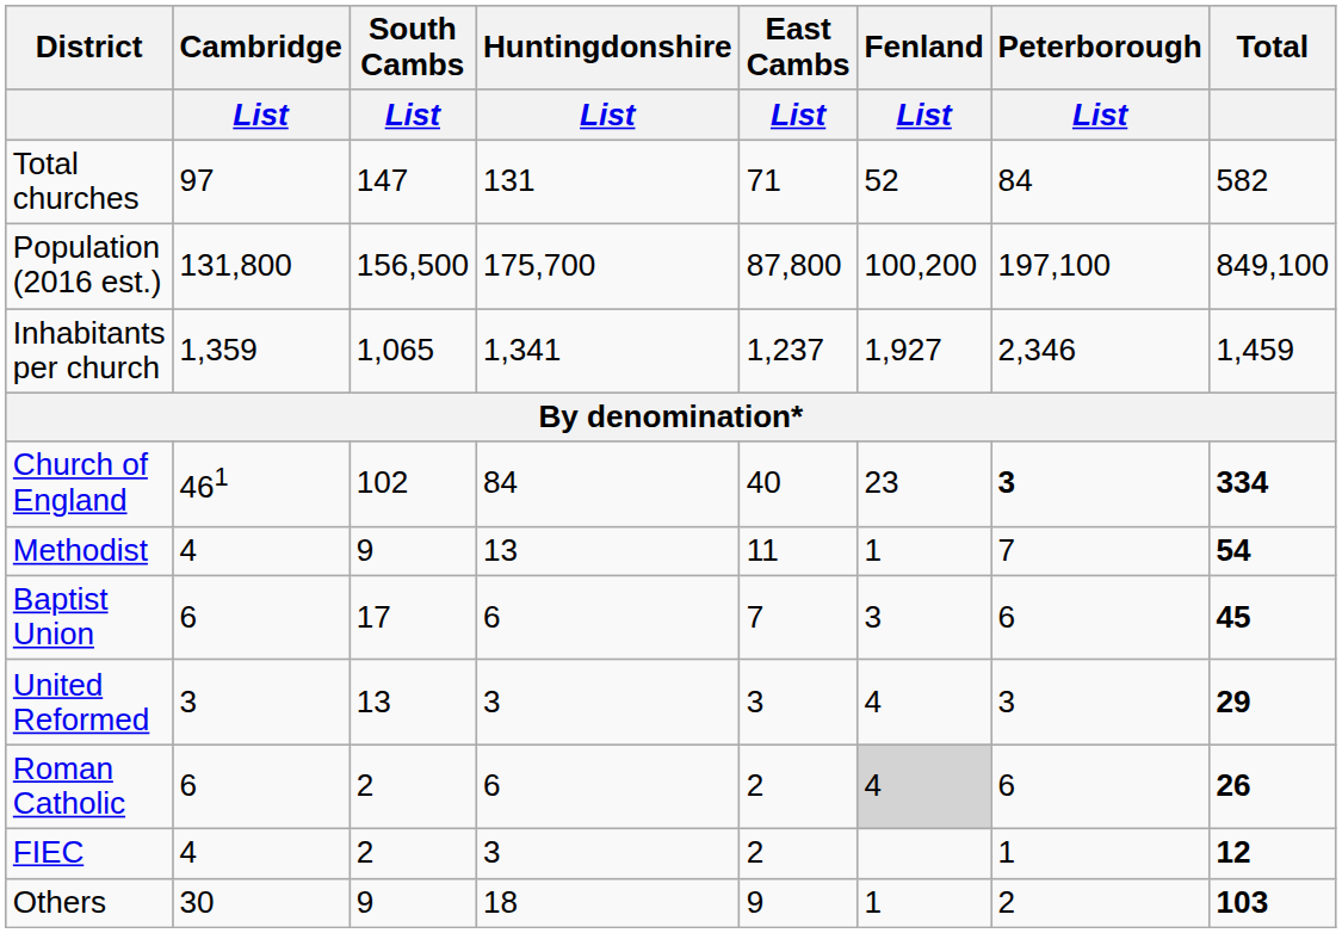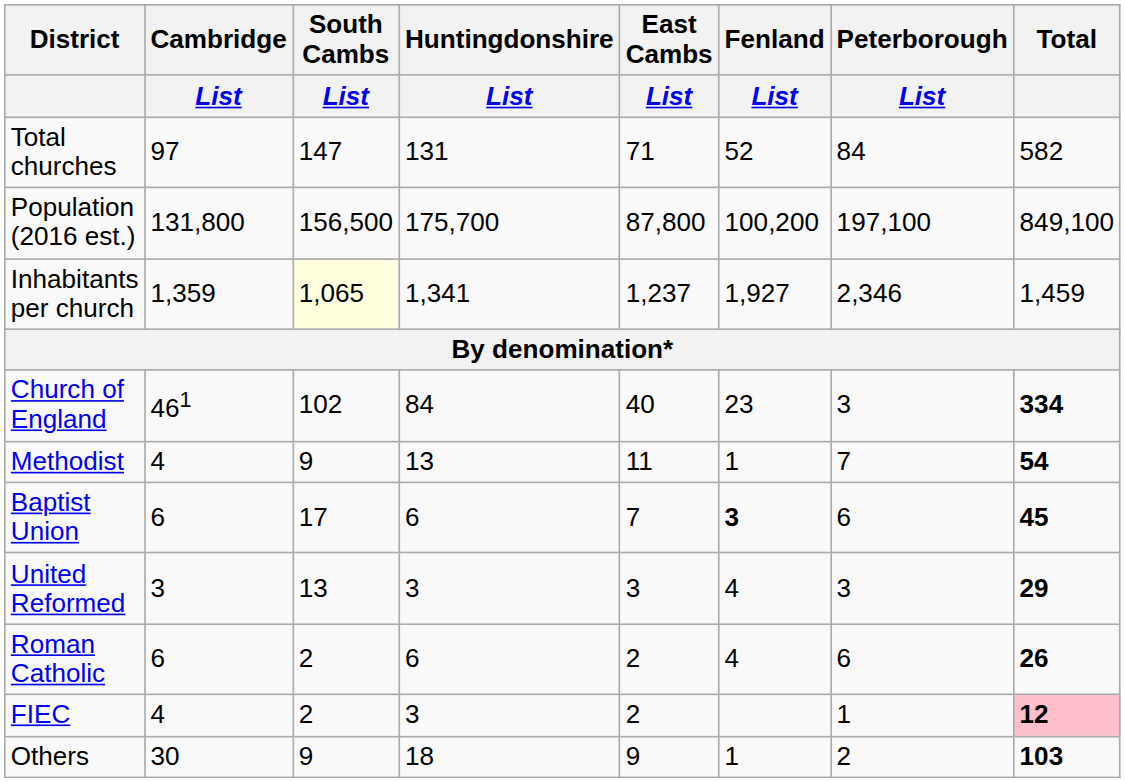 <table class="wikitable">
 <tr>
 <th>District</th>
 <th>Cambridge</th>
 <th>South Cambs</th>
 <th>Huntingdonshire</th>
 <th>East Cambs</th>
 <th>Fenland</th>
 <th>Peterborough</th>
 <th>Total</th>
 </tr>
 <tr>
 <th></th>
 <th><em><a href='#'>List</a></em></th>
 <th><em><a href='#'>List</a></em></th>
 <th><em><a href='#'>List</a></em></th>
 <th><a href='#'><em>List</em></a></th>
 <th><a href='#'><em>List</em></a></th>
 <th><a href='#'><em>List</em></a></th>
 <th></th>
 </tr>
 <tr>
 <td>Total churches</td>
 <td>97</td>
 <td>147</td>
 <td>131</td>
 <td>71</td>
 <td>52</td>
 <td>84</td>
 <td>582</td>
 </tr>
 <tr>
 <td>Population (2016 est.)</td>
 <td>131,800</td>
 <td>156,500</td>
 <td>175,700</td>
 <td>87,800</td>
 <td>100,200</td>
 <td>197,100</td>
 <td>849,100</td>
 </tr>
 <tr>
 <td>Inhabitants per church</td>
 <td>1,359</td>
-<td>1,065</td>
+<td style="background: lightyellow;">1,065</td>
 <td>1,341</td>
 <td>1,237</td>
 <td>1,927</td>
 <td>2,346</td>
 <td>1,459</td>
 </tr>
 <tr>
 <th colspan="8">By denomination*</th>
 </tr>
 <tr>
 <td><a href='#'>Church of England</a></td>
 <td>46<sup>1</sup></td>
 <td>102</td>
 <td>84</td>
 <td>40</td>
 <td>23</td>
-<td><strong>3</strong></td>
+<td>3</td>
 <td><strong>334</strong></td>
 </tr>
 <tr>
 <td><a href='#'>Methodist</a></td>
 <td>4</td>
 <td>9</td>
 <td>13</td>
 <td>11</td>
 <td>1</td>
 <td>7</td>
 <td><strong>54</strong></td>
 </tr>
 <tr>
 <td><a href='#'>Baptist Union</a></td>
 <td>6</td>
 <td>17</td>
 <td>6</td>
 <td>7</td>
-<td>3</td>
+<td><strong>3</strong></td>
 <td>6</td>
 <td><strong>45</strong></td>
 </tr>
 <tr>
 <td><a href='#'>United Reformed</a></td>
 <td>3</td>
 <td>13</td>
 <td>3</td>
 <td>3</td>
 <td>4</td>
 <td>3</td>
 <td><strong>29</strong></td>
 </tr>
 <tr>
 <td><a href='#'>Roman Catholic</a></td>
 <td>6</td>
 <td>2</td>
 <td>6</td>
 <td>2</td>
-<td style="background: lightgrey;">4</td>
+<td>4</td>
 <td>6</td>
 <td><strong>26</strong></td>
 </tr>
 <tr>
 <td><a href='#'>FIEC</a></td>
 <td>4</td>
 <td>2</td>
 <td>3</td>
 <td>2</td>
 <td></td>
 <td>1</td>
-<td><strong>12</strong></td>
+<td style="background: pink;"><strong>12</strong></td>
 </tr>
 <tr>
 <td>Others</td>
 <td>30</td>
 <td>9</td>
 <td>18</td>
 <td>9</td>
 <td>1</td>
 <td>2</td>
 <td><strong>103</strong></td>
 </tr>
 </table>
